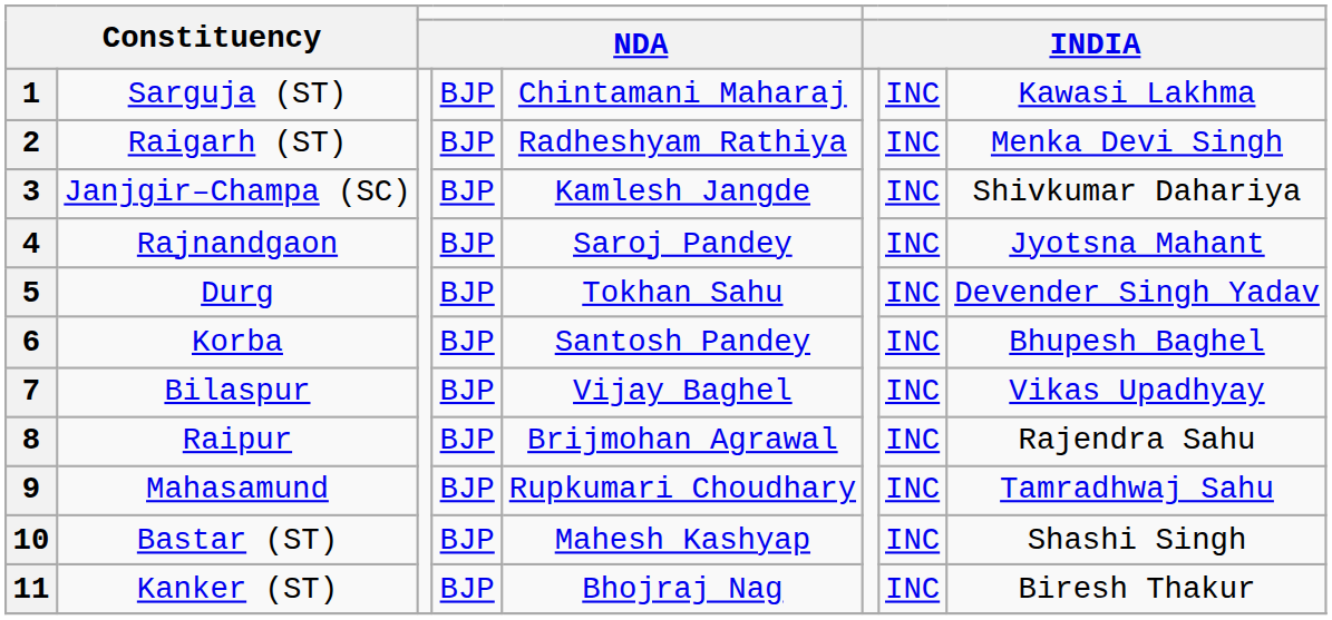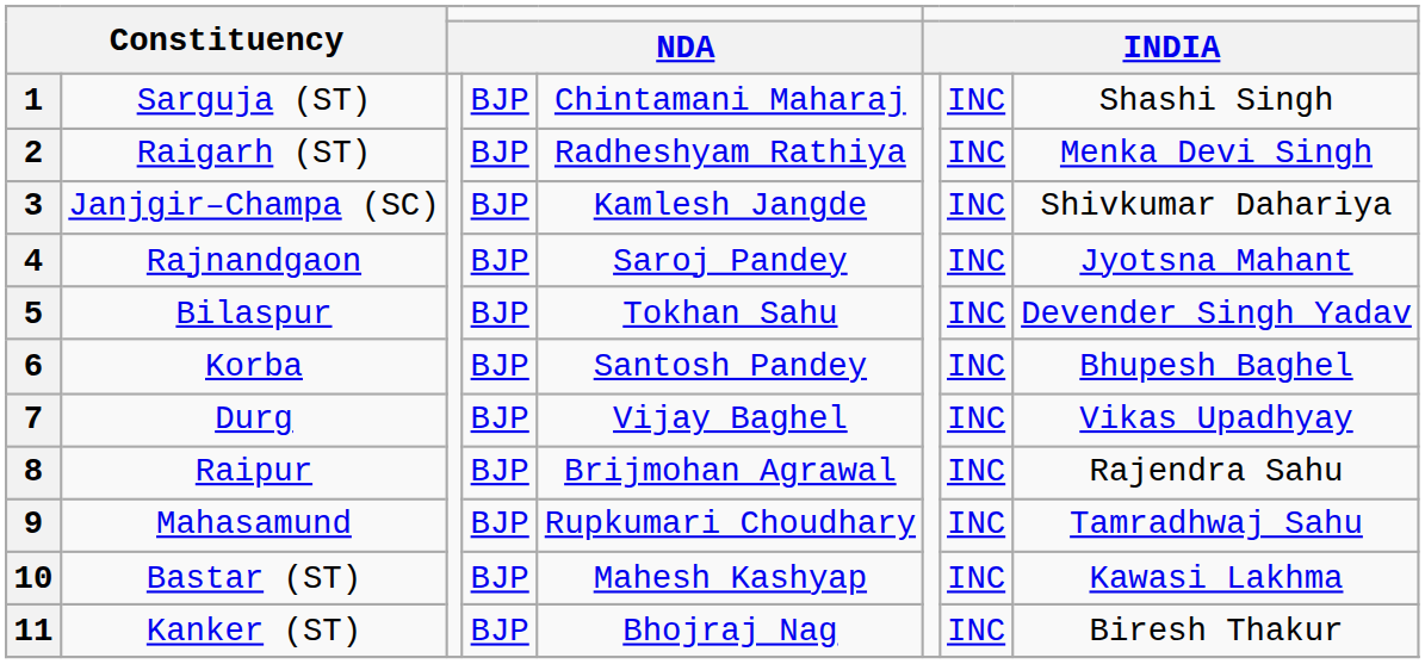 <table class="wikitable sortable" style="text-align:center;">
 <tr>
 <th colspan="2" rowspan="2">Constituency</th>
 <td colspan="3"></td>
 <td colspan="3"></td>
 </tr>
 <tr>
 <th colspan="3"><a href='#'>NDA</a></th>
 <th colspan="3"><a href='#'>INDIA</a></th>
 </tr>
 <tr>
 <th>1</th>
 <td><a href='#'>Sarguja</a> (ST)</td>
 <td rowspan="11" bgcolor=></td>
 <td><a href='#'>BJP</a></td>
 <td><a href='#'>Chintamani Maharaj</a></td>
 <td rowspan="11" bgcolor=></td>
 <td><a href='#'>INC</a></td>
-<td><a href='#'>Kawasi Lakhma</a></td>
+<td>Shashi Singh</td>
 </tr>
 <tr>
 <th>2</th>
 <td><a href='#'>Raigarh</a> (ST)</td>
 <td><a href='#'>BJP</a></td>
 <td><a href='#'>Radheshyam Rathiya</a></td>
 <td><a href='#'>INC</a></td>
 <td><a href='#'>Menka Devi Singh</a></td>
 </tr>
 <tr>
 <th>3</th>
 <td><a href='#'>Janjgir–Champa</a> (SC)</td>
 <td><a href='#'>BJP</a></td>
 <td><a href='#'>Kamlesh Jangde</a></td>
 <td><a href='#'>INC</a></td>
 <td>Shivkumar Dahariya</td>
 </tr>
 <tr>
 <th>4</th>
 <td><a href='#'>Rajnandgaon</a></td>
 <td><a href='#'>BJP</a></td>
 <td><a href='#'>Saroj Pandey</a></td>
 <td><a href='#'>INC</a></td>
 <td><a href='#'>Jyotsna Mahant</a></td>
 </tr>
 <tr>
 <th>5</th>
-<td><a href='#'>Durg</a></td>
+<td><a href='#'>Bilaspur</a></td>
 <td><a href='#'>BJP</a></td>
 <td><a href='#'>Tokhan Sahu</a></td>
 <td><a href='#'>INC</a></td>
 <td><a href='#'>Devender Singh Yadav</a></td>
 </tr>
 <tr>
 <th>6</th>
 <td><a href='#'>Korba</a></td>
 <td><a href='#'>BJP</a></td>
 <td><a href='#'>Santosh Pandey</a></td>
 <td><a href='#'>INC</a></td>
 <td><a href='#'>Bhupesh Baghel</a></td>
 </tr>
 <tr>
 <th>7</th>
-<td><a href='#'>Bilaspur</a></td>
+<td><a href='#'>Durg</a></td>
 <td><a href='#'>BJP</a></td>
 <td><a href='#'>Vijay Baghel</a></td>
 <td><a href='#'>INC</a></td>
 <td><a href='#'>Vikas Upadhyay</a></td>
 </tr>
 <tr>
 <th>8</th>
 <td><a href='#'>Raipur</a></td>
 <td><a href='#'>BJP</a></td>
 <td><a href='#'>Brijmohan Agrawal</a></td>
 <td><a href='#'>INC</a></td>
 <td>Rajendra Sahu</td>
 </tr>
 <tr>
 <th>9</th>
 <td><a href='#'>Mahasamund</a></td>
 <td><a href='#'>BJP</a></td>
 <td><a href='#'>Rupkumari Choudhary</a></td>
 <td><a href='#'>INC</a></td>
 <td><a href='#'>Tamradhwaj Sahu</a></td>
 </tr>
 <tr>
 <th>10</th>
 <td><a href='#'>Bastar</a> (ST)</td>
 <td><a href='#'>BJP</a></td>
 <td><a href='#'>Mahesh Kashyap</a></td>
 <td><a href='#'>INC</a></td>
-<td>Shashi Singh</td>
+<td><a href='#'>Kawasi Lakhma</a></td>
 </tr>
 <tr>
 <th>11</th>
 <td><a href='#'>Kanker</a> (ST)</td>
 <td><a href='#'>BJP</a></td>
 <td><a href='#'>Bhojraj Nag</a></td>
 <td><a href='#'>INC</a></td>
 <td>Biresh Thakur</td>
 </tr>
 <tr>
 </tr>
 </table>
